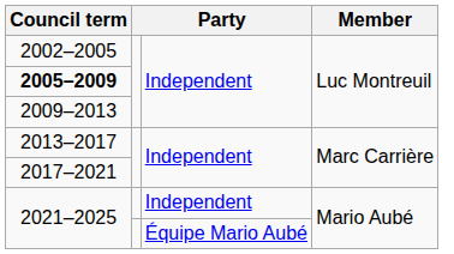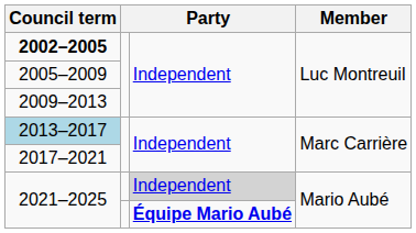 <table class="wikitable">
 <tr>
 <th>Council term</th>
 <th colspan="2">Party</th>
 <th>Member</th>
 </tr>
 <tr>
-<td align="center">2002–2005</td>
+<td align="center"><strong>2002–2005</strong></td>
 <td rowspan="3" style="color:inherit;background-color:"></td>
 <td rowspan="3"><a href='#'>Independent</a></td>
 <td rowspan="3">Luc Montreuil</td>
 </tr>
 <tr>
-<td align="center"><strong>2005–2009</strong></td>
+<td align="center">2005–2009</td>
 </tr>
 <tr>
 <td align="center">2009–2013</td>
 </tr>
 <tr>
-<td align="center">2013–2017</td>
+<td align="center" style="background: lightblue;">2013–2017</td>
 <td rowspan="2" style="color:inherit;background-color:"></td>
 <td rowspan="2"><a href='#'>Independent</a></td>
 <td rowspan="2">Marc Carrière</td>
 </tr>
 <tr>
 <td align="center">2017–2021</td>
 </tr>
 <tr>
 <td rowspan="2" align="center">2021–2025</td>
 <td style="color:inherit;background-color:"></td>
-<td><a href='#'>Independent</a></td>
+<td style="background: lightgrey;"><a href='#'>Independent</a></td>
 <td rowspan="2">Mario Aubé</td>
 </tr>
 <tr>
 <td style="color:inherit;background-color:"></td>
-<td><a href='#'>Équipe Mario Aubé</a></td>
+<td><strong><a href='#'>Équipe Mario Aubé</a></strong></td>
 </tr>
 </table>
